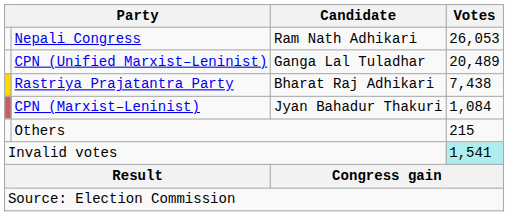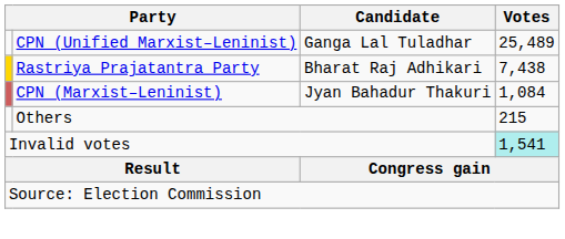 <table class="wikitable">
 <tr>
 <th colspan="2">Party</th>
 <th>Candidate</th>
 <th>Votes</th>
 </tr>
 <tr>
 <td style="background-color:"></td>
-<td><a href='#'>Nepali Congress</a></td>
-<td>Ram Nath Adhikari</td>
-<td>26,053</td>
-</tr>
-<tr>
-<td style="background-color:"></td>
 <td><a href='#'>CPN (Unified Marxist–Leninist)</a></td>
 <td>Ganga Lal Tuladhar</td>
-<td>20,489</td>
+<td>25,489</td>
 </tr>
 <tr>
 <td style="background-color:gold"></td>
 <td><a href='#'>Rastriya Prajatantra Party</a></td>
 <td>Bharat Raj Adhikari</td>
 <td>7,438</td>
 </tr>
 <tr>
 <td style="background-color:indianred"></td>
 <td><a href='#'>CPN (Marxist–Leninist)</a></td>
 <td>Jyan Bahadur Thakuri</td>
 <td>1,084</td>
 </tr>
 <tr>
 <td></td>
 <td colspan="2">Others</td>
 <td>215</td>
 </tr>
 <tr>
 <td colspan="3">Invalid votes</td>
 <td style="background: paleturquoise;">1,541</td>
 </tr>
 <tr>
 <th colspan="2">Result</th>
 <th colspan="2">Congress gain</th>
 </tr>
 <tr>
 <td colspan="4">Source: Election Commission</td>
 </tr>
 </table>
